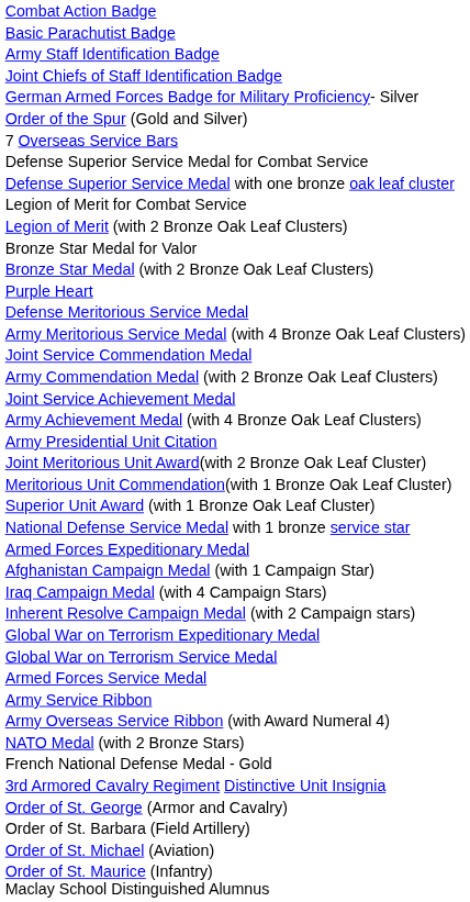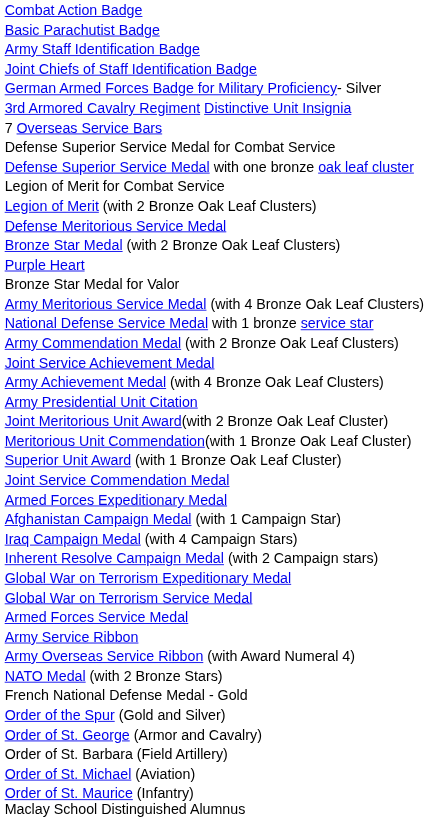 <table>
 <tr>
 <td> <a href='#'>Combat Action Badge</a></td>
 </tr>
 <tr>
 <td> <a href='#'>Basic Parachutist Badge</a></td>
 </tr>
 <tr>
 <td> <a href='#'>Army Staff Identification Badge</a></td>
 </tr>
 <tr>
 <td> <a href='#'>Joint Chiefs of Staff Identification Badge</a></td>
 </tr>
 <tr>
 <td> <a href='#'>German Armed Forces Badge for Military Proficiency</a>- Silver</td>
 </tr>
 <tr>
-<td><a href='#'>Order of the Spur</a> (Gold and Silver)</td>
+<td> <a href='#'>3rd Armored Cavalry Regiment</a> <a href='#'>Distinctive Unit Insignia</a></td>
 </tr>
 <tr>
 <td> 7 <a href='#'>Overseas Service Bars</a></td>
 </tr>
 <tr>
 <td> Defense Superior Service Medal for Combat Service</td>
 </tr>
 <tr>
 <td> <a href='#'>Defense Superior Service Medal</a> with one bronze <a href='#'>oak leaf cluster</a></td>
 </tr>
 <tr>
 <td> Legion of Merit for Combat Service</td>
 </tr>
 <tr>
 <td> <a href='#'>Legion of Merit</a> (with 2 Bronze Oak Leaf Clusters)</td>
 </tr>
 <tr>
-<td> Bronze Star Medal for Valor</td>
+<td> <a href='#'>Defense Meritorious Service Medal</a></td>
 </tr>
 <tr>
 <td> <a href='#'>Bronze Star Medal</a> (with 2 Bronze Oak Leaf Clusters)</td>
 </tr>
 <tr>
 <td> <a href='#'>Purple Heart</a></td>
 </tr>
 <tr>
-<td> <a href='#'>Defense Meritorious Service Medal</a></td>
+<td> Bronze Star Medal for Valor</td>
 </tr>
 <tr>
 <td> <a href='#'>Army Meritorious Service Medal</a> (with 4 Bronze Oak Leaf Clusters)</td>
 </tr>
 <tr>
-<td> <a href='#'>Joint Service Commendation Medal</a></td>
+<td> <a href='#'>National Defense Service Medal</a> with 1 bronze <a href='#'>service star</a></td>
 </tr>
 <tr>
 <td> <a href='#'>Army Commendation Medal</a> (with 2 Bronze Oak Leaf Clusters)</td>
 </tr>
 <tr>
 <td> <a href='#'>Joint Service Achievement Medal</a></td>
 </tr>
 <tr>
 <td> <a href='#'>Army Achievement Medal</a> (with 4 Bronze Oak Leaf Clusters)</td>
 </tr>
 <tr>
 <td> <a href='#'>Army Presidential Unit Citation</a></td>
 </tr>
 <tr>
 <td> <a href='#'>Joint Meritorious Unit Award</a>(with 2 Bronze Oak Leaf Cluster)</td>
 </tr>
 <tr>
 <td> <a href='#'>Meritorious Unit Commendation</a>(with 1 Bronze Oak Leaf Cluster)</td>
 </tr>
 <tr>
 <td> <a href='#'>Superior Unit Award</a> (with 1 Bronze Oak Leaf Cluster)</td>
 </tr>
 <tr>
-<td> <a href='#'>National Defense Service Medal</a> with 1 bronze <a href='#'>service star</a></td>
+<td> <a href='#'>Joint Service Commendation Medal</a></td>
 </tr>
 <tr>
 <td> <a href='#'>Armed Forces Expeditionary Medal</a></td>
 </tr>
 <tr>
 <td> <a href='#'>Afghanistan Campaign Medal</a> (with 1 Campaign Star)</td>
 </tr>
 <tr>
 <td> <a href='#'>Iraq Campaign Medal</a> (with 4 Campaign Stars)</td>
 </tr>
 <tr>
 <td> <a href='#'>Inherent Resolve Campaign Medal</a> (with 2 Campaign stars)</td>
 </tr>
 <tr>
 <td> <a href='#'>Global War on Terrorism Expeditionary Medal</a></td>
 </tr>
 <tr>
 <td> <a href='#'>Global War on Terrorism Service Medal</a></td>
 </tr>
 <tr>
 <td> <a href='#'>Armed Forces Service Medal</a></td>
 </tr>
 <tr>
 <td> <a href='#'>Army Service Ribbon</a></td>
 </tr>
 <tr>
 <td><span></span> <a href='#'>Army Overseas Service Ribbon</a> (with Award Numeral 4)</td>
 </tr>
 <tr>
 <td> <a href='#'>NATO Medal</a> (with 2 Bronze Stars)</td>
 </tr>
 <tr>
 <td> French National Defense Medal - Gold</td>
 </tr>
 <tr>
-<td> <a href='#'>3rd Armored Cavalry Regiment</a> <a href='#'>Distinctive Unit Insignia</a></td>
+<td><a href='#'>Order of the Spur</a> (Gold and Silver)</td>
 </tr>
 <tr>
 <td><a href='#'>Order of St. George</a> (Armor and Cavalry)</td>
 </tr>
 <tr>
 <td>Order of St. Barbara (Field Artillery) </td>
 </tr>
 <tr>
 <td><a href='#'>Order of St. Michael</a> (Aviation)</td>
 </tr>
 <tr>
 <td><a href='#'>Order of St. Maurice</a> (Infantry)<br>Maclay School Distinguished Alumnus </td>
 </tr>
 </table>
